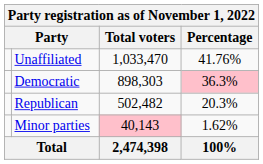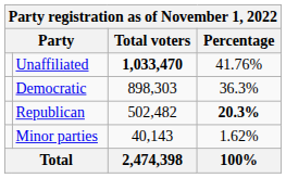 <table class=wikitable>
 <tr>
 <th colspan = 6>Party registration as of November 1, 2022 </th>
 </tr>
 <tr>
 <th colspan = 2>Party</th>
 <th>Total voters</th>
 <th>Percentage</th>
 </tr>
 <tr>
 <td></td>
 <td><a href='#'>Unaffiliated</a></td>
-<td align=center>1,033,470</td>
+<td align=center><strong>1,033,470</strong></td>
 <td align=center>41.76%</td>
 </tr>
 <tr>
 <td></td>
 <td><a href='#'>Democratic</a></td>
 <td align=center>898,303</td>
-<td align=center style="background: pink;">36.3%</td>
+<td align=center>36.3%</td>
 </tr>
 <tr>
 <td></td>
 <td><a href='#'>Republican</a></td>
 <td align=center>502,482</td>
-<td align=center>20.3%</td>
+<td align=center><strong>20.3%</strong></td>
 </tr>
 <tr>
 <td></td>
 <td><a href='#'>Minor parties</a></td>
-<td align=center style="background: pink;">40,143</td>
+<td align=center>40,143</td>
 <td align=center>1.62%</td>
 </tr>
 <tr>
 <th colspan = 2>Total</th>
 <th align=center>2,474,398</th>
 <th align=center>100%</th>
 </tr>
 </table>
